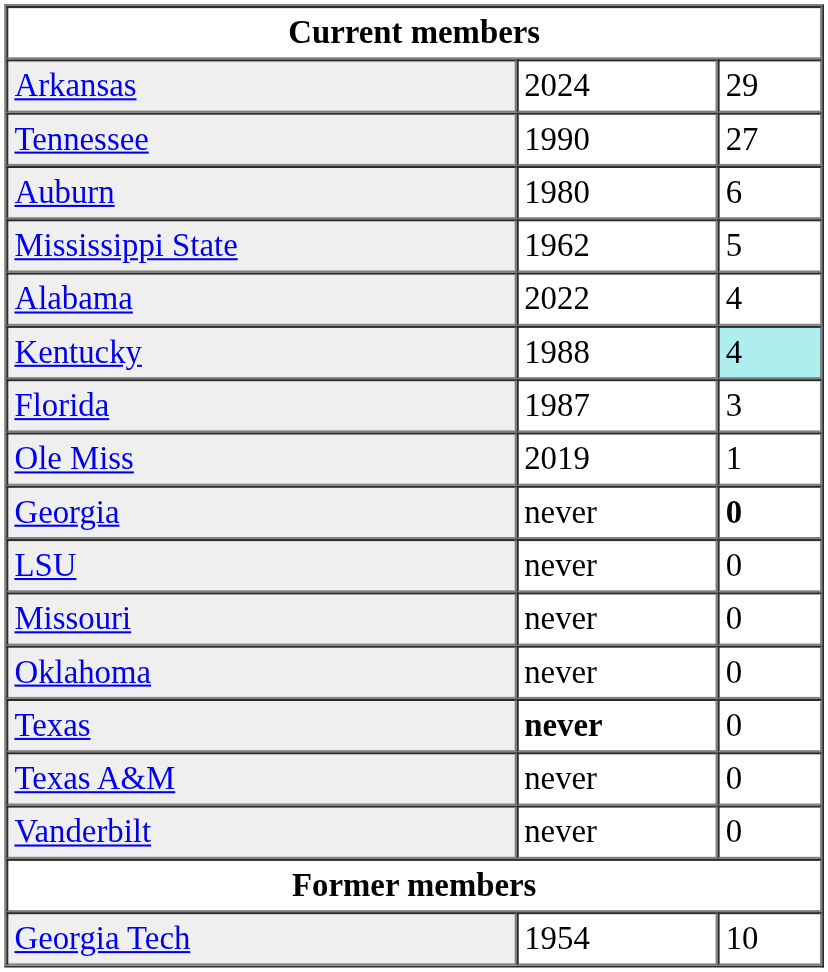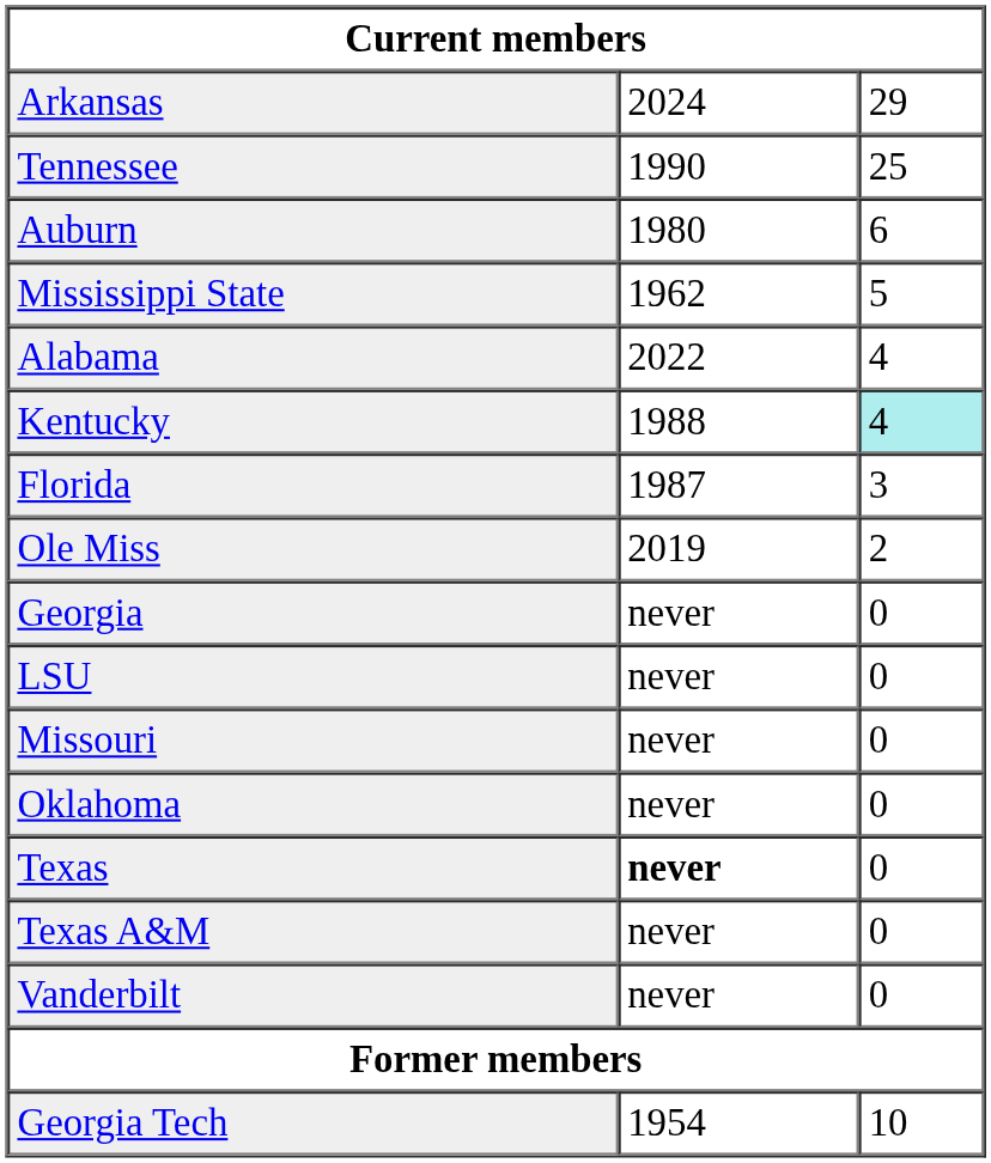 <table border="1" cellpadding="3" cellspacing="0" align="right" width="400px">
 <tr>
 </tr>
 <tr>
 <td colspan=3 align="center"><strong>Current members</strong></td>
 </tr>
 <tr>
 <td bgcolor=#efefef><a href='#'>Arkansas</a></td>
 <td>2024</td>
 <td>29</td>
 </tr>
 <tr>
 <td bgcolor="#efefef"><a href='#'>Tennessee</a></td>
 <td>1990</td>
-<td>27</td>
+<td>25</td>
 </tr>
 <tr>
 <td bgcolor="#efefef"><a href='#'>Auburn</a></td>
 <td>1980</td>
 <td>6</td>
 </tr>
 <tr>
 <td bgcolor="#efefef"><a href='#'>Mississippi State</a></td>
 <td>1962</td>
 <td>5</td>
 </tr>
 <tr>
 <td bgcolor="#efefef"><a href='#'>Alabama</a></td>
 <td>2022</td>
 <td>4</td>
 </tr>
 <tr>
 <td bgcolor="#efefef"><a href='#'>Kentucky</a></td>
 <td>1988</td>
 <td style="background: paleturquoise;">4</td>
 </tr>
 <tr>
 <td bgcolor="#efefef"><a href='#'>Florida</a></td>
 <td>1987</td>
 <td>3</td>
 </tr>
 <tr>
 <td bgcolor="#efefef"><a href='#'>Ole Miss</a></td>
 <td>2019</td>
-<td>1</td>
+<td>2</td>
 </tr>
 <tr>
 <td bgcolor="#efefef"><a href='#'>Georgia</a></td>
 <td>never</td>
-<td><strong>0</strong></td>
+<td>0</td>
 </tr>
 <tr>
 <td bgcolor="#efefef"><a href='#'>LSU</a></td>
 <td>never</td>
 <td>0</td>
 </tr>
 <tr>
 <td bgcolor="#efefef"><a href='#'>Missouri</a></td>
 <td>never</td>
 <td>0</td>
 </tr>
 <tr>
 <td bgcolor="#efefef"><a href='#'>Oklahoma</a></td>
 <td>never</td>
 <td>0</td>
 </tr>
 <tr>
 <td bgcolor="#efefef"><a href='#'>Texas</a></td>
 <td><strong>never</strong></td>
 <td>0</td>
 </tr>
 <tr>
 <td bgcolor="#efefef"><a href='#'>Texas A&M</a></td>
 <td>never</td>
 <td>0</td>
 </tr>
 <tr>
 <td bgcolor="#efefef"><a href='#'>Vanderbilt</a></td>
 <td>never</td>
 <td>0</td>
 </tr>
 <tr>
 <td colspan=5 align="center"><strong>Former members</strong></td>
 </tr>
 <tr>
 <td bgcolor="#efefef"><a href='#'>Georgia Tech</a></td>
 <td>1954</td>
 <td>10</td>
 </tr>
 </table>
